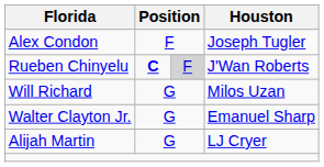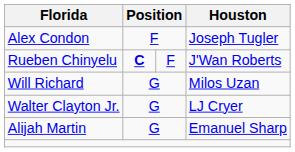 <table class="wikitable">
 <tr>
 <th>Florida</th>
 <th colspan="2">Position</th>
 <th>Houston</th>
 </tr>
 <tr>
 <td><a href='#'>Alex Condon</a></td>
 <td colspan=2 style="text-align:center"><a href='#'>F</a></td>
 <td><a href='#'>Joseph Tugler</a></td>
 </tr>
 <tr>
 <td><a href='#'>Rueben Chinyelu</a></td>
 <td style="text-align:center"><strong><a href='#'>C</a></strong></td>
-<td style="background: lightgrey; text-align:center"><a href='#'>F</a></td>
+<td style="text-align:center"><a href='#'>F</a></td>
 <td><a href='#'>J'Wan Roberts</a></td>
 </tr>
 <tr>
 <td><a href='#'>Will Richard</a></td>
 <td colspan=2 style="text-align:center"><a href='#'>G</a></td>
 <td><a href='#'>Milos Uzan</a></td>
 </tr>
 <tr>
 <td><a href='#'>Walter Clayton Jr.</a></td>
 <td colspan=2 style="text-align:center"><a href='#'>G</a></td>
-<td><a href='#'>Emanuel Sharp</a></td>
+<td><a href='#'>LJ Cryer</a></td>
 </tr>
 <tr>
 <td><a href='#'>Alijah Martin</a></td>
 <td colspan=2 style="text-align:center"><a href='#'>G</a></td>
-<td><a href='#'>LJ Cryer</a></td>
+<td><a href='#'>Emanuel Sharp</a></td>
 </tr>
 <tr>
 <td colspan="5" align=center></td>
 </tr>
 </table>
